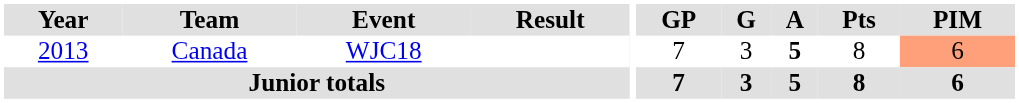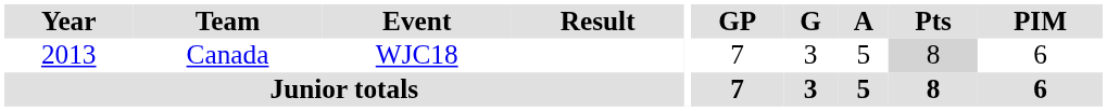 <table border="0" cellpadding="1" cellspacing="0" ID="Table3" style="text-align:center; width:40em">
 <tr bgcolor="#e0e0e0">
 <th>Year</th>
 <th>Team</th>
 <th>Event</th>
 <th>Result</th>
 <th rowspan="99" bgcolor="#ffffff"></th>
 <th>GP</th>
 <th>G</th>
 <th>A</th>
 <th>Pts</th>
 <th>PIM</th>
 </tr>
 <tr>
 <td><a href='#'>2013</a></td>
 <td><a href='#'>Canada</a></td>
 <td><a href='#'>WJC18</a></td>
 <td></td>
 <td>7</td>
 <td>3</td>
-<td><strong>5</strong></td>
-<td>8</td>
-<td style="background: lightsalmon;">6</td>
+<td>5</td>
+<td style="background: lightgrey;">8</td>
+<td>6</td>
 </tr>
 <tr bgcolor="#e0e0e0">
 <th colspan=4>Junior totals</th>
 <th>7</th>
 <th>3</th>
 <th>5</th>
 <th>8</th>
 <th>6</th>
 </tr>
 </table>
